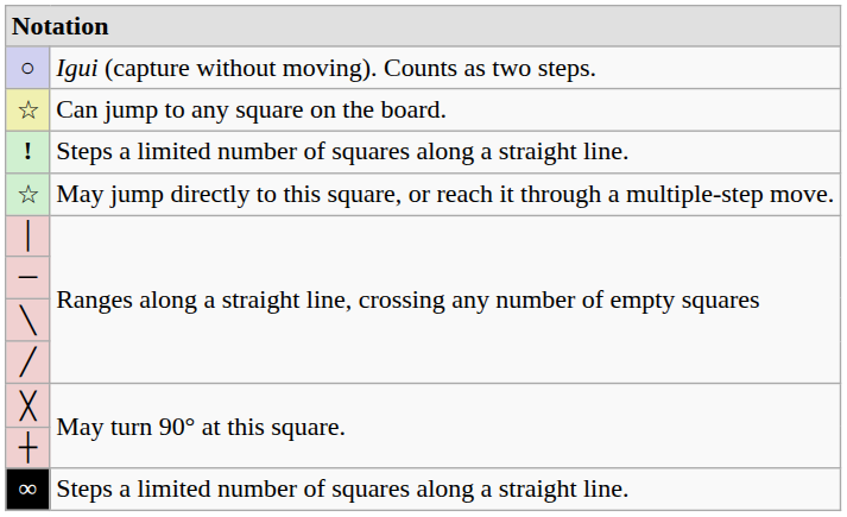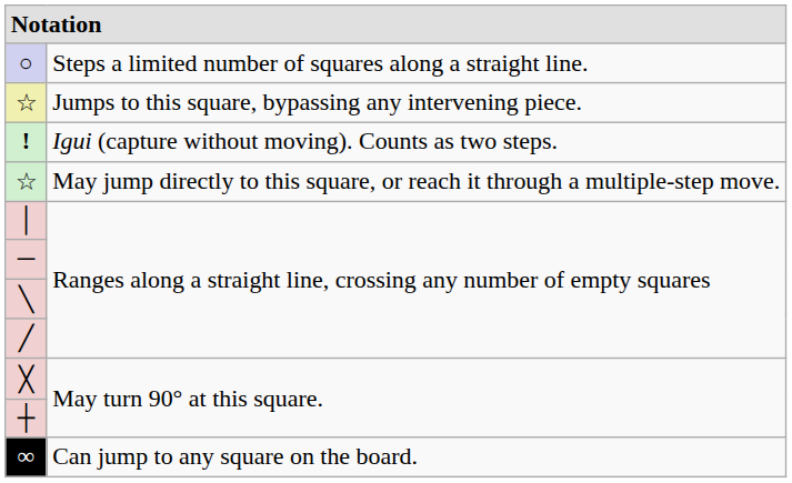 <table class="wikitable">
 <tr>
 <td colspan="2" style="background:#e0e0e0;"><strong>Notation</strong></td>
 </tr>
 <tr>
 <td align=center style="background:#d0d0f0;">○</td>
-<td><em>Igui</em> (capture without moving). Counts as two steps.</td>
+<td>Steps a limited number of squares along a straight line.</td>
 </tr>
 <tr>
 <td align=center width="20" style="background:#f0f0b0;">☆</td>
-<td>Can jump to any square on the board.</td>
+<td>Jumps to this square, bypassing any intervening piece.</td>
 </tr>
 <tr>
 <td align=center style="background:#d0f0d0;"><strong>!</strong></td>
-<td>Steps a limited number of squares along a straight line.</td>
+<td><em>Igui</em> (capture without moving). Counts as two steps.</td>
 </tr>
 <tr>
 <td align=center style="background:#d0f0d0;">☆</td>
 <td>May jump directly to this square, or reach it through a multiple-step move.</td>
 </tr>
 <tr>
 <td align=center style="background:#f0d0d0;">│</td>
 <td rowspan=4>Ranges along a straight line, crossing any number of empty squares</td>
 </tr>
 <tr>
 <td align=center style="background:#f0d0d0;">─</td>
 </tr>
 <tr>
 <td align=center style="background:#f0d0d0;">╲</td>
 </tr>
 <tr>
 <td align=center style="background:#f0d0d0;">╱</td>
 </tr>
 <tr>
 <td align=center style="background:#f0d0d0;">╳</td>
 <td rowspan=2>May turn 90° at this square.</td>
 </tr>
 <tr>
 <td align=center style="background:#f0d0d0;">┼</td>
 </tr>
 <tr>
 <td align=center style="background:#000000; color:white;">∞</td>
-<td>Steps a limited number of squares along a straight line.</td>
+<td>Can jump to any square on the board.</td>
 </tr>
 </table>
